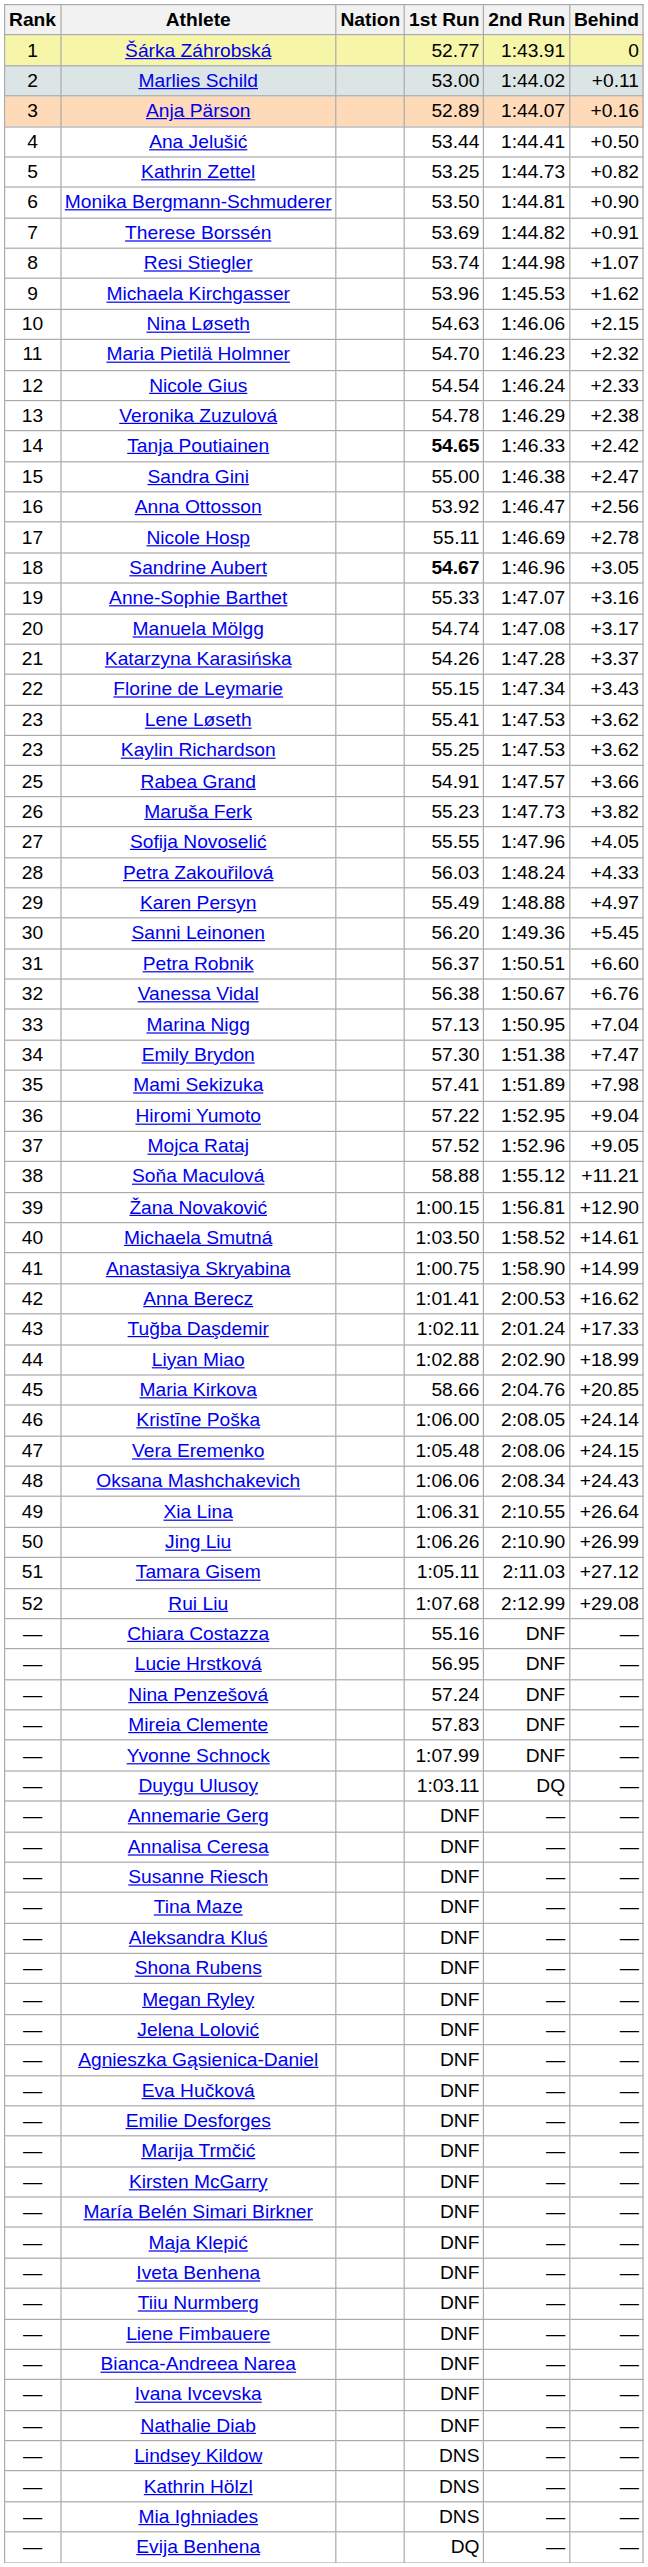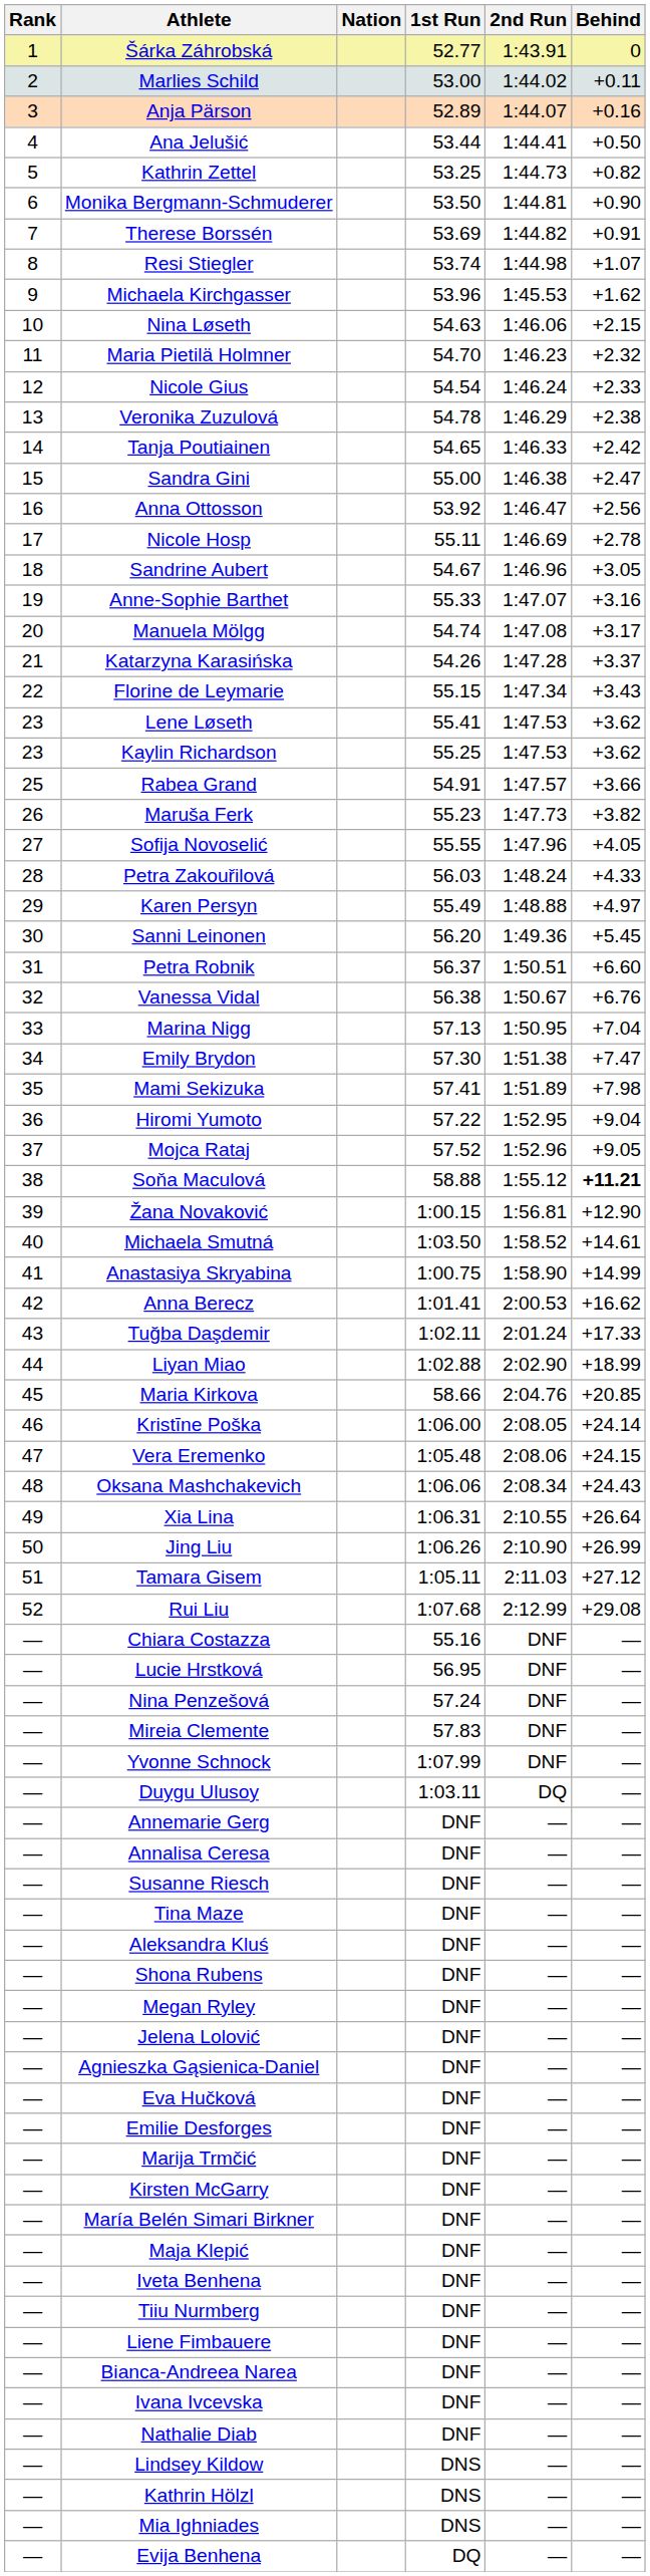 <table class=wikitable>
 <tr>
 <th>Rank</th>
 <th>Athlete</th>
 <th>Nation</th>
 <th>1st Run</th>
 <th>2nd Run</th>
 <th>Behind</th>
 </tr>
 <tr bgcolor="#F7F6A8">
 <td align="center">1</td>
 <td align="center"><a href='#'>Šárka Záhrobská</a></td>
 <td></td>
 <td align="right">52.77</td>
 <td align="right">1:43.91</td>
 <td align="right">0</td>
 </tr>
 <tr bgcolor="#DCE5E5">
 <td align="center">2</td>
 <td align="center"><a href='#'>Marlies Schild</a></td>
 <td></td>
 <td align="right">53.00</td>
 <td align="right">1:44.02</td>
 <td align="right">+0.11</td>
 </tr>
 <tr bgcolor="#FFDAB9">
 <td align="center">3</td>
 <td align="center"><a href='#'>Anja Pärson</a></td>
 <td></td>
 <td align="right">52.89</td>
 <td align="right">1:44.07</td>
 <td align="right">+0.16</td>
 </tr>
 <tr bgcolor="#FFFFFF">
 <td align="center">4</td>
 <td align="center"><a href='#'>Ana Jelušić</a></td>
 <td></td>
 <td align="right">53.44</td>
 <td align="right">1:44.41</td>
 <td align="right">+0.50</td>
 </tr>
 <tr bgcolor="#FFFFFF">
 <td align="center">5</td>
 <td align="center"><a href='#'>Kathrin Zettel</a></td>
 <td></td>
 <td align="right">53.25</td>
 <td align="right">1:44.73</td>
 <td align="right">+0.82</td>
 </tr>
 <tr bgcolor="#FFFFFF">
 <td align="center">6</td>
 <td align="center"><a href='#'>Monika Bergmann-Schmuderer</a></td>
 <td></td>
 <td align="right">53.50</td>
 <td align="right">1:44.81</td>
 <td align="right">+0.90</td>
 </tr>
 <tr bgcolor="#FFFFFF">
 <td align="center">7</td>
 <td align="center"><a href='#'>Therese Borssén</a></td>
 <td></td>
 <td align="right">53.69</td>
 <td align="right">1:44.82</td>
 <td align="right">+0.91</td>
 </tr>
 <tr bgcolor="#FFFFFF">
 <td align="center">8</td>
 <td align="center"><a href='#'>Resi Stiegler</a></td>
 <td></td>
 <td align="right">53.74</td>
 <td align="right">1:44.98</td>
 <td align="right">+1.07</td>
 </tr>
 <tr bgcolor="#FFFFFF">
 <td align="center">9</td>
 <td align="center"><a href='#'>Michaela Kirchgasser</a></td>
 <td></td>
 <td align="right">53.96</td>
 <td align="right">1:45.53</td>
 <td align="right">+1.62</td>
 </tr>
 <tr bgcolor="#FFFFFF">
 <td align="center">10</td>
 <td align="center"><a href='#'>Nina Løseth</a></td>
 <td></td>
 <td align="right">54.63</td>
 <td align="right">1:46.06</td>
 <td align="right">+2.15</td>
 </tr>
 <tr bgcolor="#FFFFFF">
 <td align="center">11</td>
 <td align="center"><a href='#'>Maria Pietilä Holmner</a></td>
 <td></td>
 <td align="right">54.70</td>
 <td align="right">1:46.23</td>
 <td align="right">+2.32</td>
 </tr>
 <tr bgcolor="#FFFFFF">
 <td align="center">12</td>
 <td align="center"><a href='#'>Nicole Gius</a></td>
 <td></td>
 <td align="right">54.54</td>
 <td align="right">1:46.24</td>
 <td align="right">+2.33</td>
 </tr>
 <tr bgcolor="#FFFFFF">
 <td align="center">13</td>
 <td align="center"><a href='#'>Veronika Zuzulová</a></td>
 <td></td>
 <td align="right">54.78</td>
 <td align="right">1:46.29</td>
 <td align="right">+2.38</td>
 </tr>
 <tr bgcolor="#FFFFFF">
 <td align="center">14</td>
 <td align="center"><a href='#'>Tanja Poutiainen</a></td>
 <td></td>
-<td align="right"><strong>54.65</strong></td>
+<td align="right">54.65</td>
 <td align="right">1:46.33</td>
 <td align="right">+2.42</td>
 </tr>
 <tr bgcolor="#FFFFFF">
 <td align="center">15</td>
 <td align="center"><a href='#'>Sandra Gini</a></td>
 <td></td>
 <td align="right">55.00</td>
 <td align="right">1:46.38</td>
 <td align="right">+2.47</td>
 </tr>
 <tr bgcolor="#FFFFFF">
 <td align="center">16</td>
 <td align="center"><a href='#'>Anna Ottosson</a></td>
 <td></td>
 <td align="right">53.92</td>
 <td align="right">1:46.47</td>
 <td align="right">+2.56</td>
 </tr>
 <tr bgcolor="#FFFFFF">
 <td align="center">17</td>
 <td align="center"><a href='#'>Nicole Hosp</a></td>
 <td></td>
 <td align="right">55.11</td>
 <td align="right">1:46.69</td>
 <td align="right">+2.78</td>
 </tr>
 <tr bgcolor="#FFFFFF">
 <td align="center">18</td>
 <td align="center"><a href='#'>Sandrine Aubert</a></td>
 <td></td>
-<td align="right"><strong>54.67</strong></td>
+<td align="right">54.67</td>
 <td align="right">1:46.96</td>
 <td align="right">+3.05</td>
 </tr>
 <tr bgcolor="#FFFFFF">
 <td align="center">19</td>
 <td align="center"><a href='#'>Anne-Sophie Barthet</a></td>
 <td></td>
 <td align="right">55.33</td>
 <td align="right">1:47.07</td>
 <td align="right">+3.16</td>
 </tr>
 <tr bgcolor="#FFFFFF">
 <td align="center">20</td>
 <td align="center"><a href='#'>Manuela Mölgg</a></td>
 <td></td>
 <td align="right">54.74</td>
 <td align="right">1:47.08</td>
 <td align="right">+3.17</td>
 </tr>
 <tr bgcolor="#FFFFFF">
 <td align="center">21</td>
 <td align="center"><a href='#'>Katarzyna Karasińska</a></td>
 <td></td>
 <td align="right">54.26</td>
 <td align="right">1:47.28</td>
 <td align="right">+3.37</td>
 </tr>
 <tr bgcolor="#FFFFFF">
 <td align="center">22</td>
 <td align="center"><a href='#'>Florine de Leymarie</a></td>
 <td></td>
 <td align="right">55.15</td>
 <td align="right">1:47.34</td>
 <td align="right">+3.43</td>
 </tr>
 <tr bgcolor="#FFFFFF">
 <td align="center">23</td>
 <td align="center"><a href='#'>Lene Løseth</a></td>
 <td></td>
 <td align="right">55.41</td>
 <td align="right">1:47.53</td>
 <td align="right">+3.62</td>
 </tr>
 <tr bgcolor="#FFFFFF">
 <td align="center">23</td>
 <td align="center"><a href='#'>Kaylin Richardson</a></td>
 <td></td>
 <td align="right">55.25</td>
 <td align="right">1:47.53</td>
 <td align="right">+3.62</td>
 </tr>
 <tr bgcolor="#FFFFFF">
 <td align="center">25</td>
 <td align="center"><a href='#'>Rabea Grand</a></td>
 <td></td>
 <td align="right">54.91</td>
 <td align="right">1:47.57</td>
 <td align="right">+3.66</td>
 </tr>
 <tr bgcolor="#FFFFFF">
 <td align="center">26</td>
 <td align="center"><a href='#'>Maruša Ferk</a></td>
 <td></td>
 <td align="right">55.23</td>
 <td align="right">1:47.73</td>
 <td align="right">+3.82</td>
 </tr>
 <tr bgcolor="#FFFFFF">
 <td align="center">27</td>
 <td align="center"><a href='#'>Sofija Novoselić</a></td>
 <td></td>
 <td align="right">55.55</td>
 <td align="right">1:47.96</td>
 <td align="right">+4.05</td>
 </tr>
 <tr bgcolor="#FFFFFF">
 <td align="center">28</td>
 <td align="center"><a href='#'>Petra Zakouřilová</a></td>
 <td></td>
 <td align="right">56.03</td>
 <td align="right">1:48.24</td>
 <td align="right">+4.33</td>
 </tr>
 <tr bgcolor="#FFFFFF">
 <td align="center">29</td>
 <td align="center"><a href='#'>Karen Persyn</a></td>
 <td></td>
 <td align="right">55.49</td>
 <td align="right">1:48.88</td>
 <td align="right">+4.97</td>
 </tr>
 <tr bgcolor="#FFFFFF">
 <td align="center">30</td>
 <td align="center"><a href='#'>Sanni Leinonen</a></td>
 <td></td>
 <td align="right">56.20</td>
 <td align="right">1:49.36</td>
 <td align="right">+5.45</td>
 </tr>
 <tr bgcolor="#FFFFFF">
 <td align="center">31</td>
 <td align="center"><a href='#'>Petra Robnik</a></td>
 <td></td>
 <td align="right">56.37</td>
 <td align="right">1:50.51</td>
 <td align="right">+6.60</td>
 </tr>
 <tr bgcolor="#FFFFFF">
 <td align="center">32</td>
 <td align="center"><a href='#'>Vanessa Vidal</a></td>
 <td></td>
 <td align="right">56.38</td>
 <td align="right">1:50.67</td>
 <td align="right">+6.76</td>
 </tr>
 <tr bgcolor="#FFFFFF">
 <td align="center">33</td>
 <td align="center"><a href='#'>Marina Nigg</a></td>
 <td></td>
 <td align="right">57.13</td>
 <td align="right">1:50.95</td>
 <td align="right">+7.04</td>
 </tr>
 <tr bgcolor="#FFFFFF">
 <td align="center">34</td>
 <td align="center"><a href='#'>Emily Brydon</a></td>
 <td></td>
 <td align="right">57.30</td>
 <td align="right">1:51.38</td>
 <td align="right">+7.47</td>
 </tr>
 <tr bgcolor="#FFFFFF">
 <td align="center">35</td>
 <td align="center"><a href='#'>Mami Sekizuka</a></td>
 <td></td>
 <td align="right">57.41</td>
 <td align="right">1:51.89</td>
 <td align="right">+7.98</td>
 </tr>
 <tr bgcolor="#FFFFFF">
 <td align="center">36</td>
 <td align="center"><a href='#'>Hiromi Yumoto</a></td>
 <td></td>
 <td align="right">57.22</td>
 <td align="right">1:52.95</td>
 <td align="right">+9.04</td>
 </tr>
 <tr bgcolor="#FFFFFF">
 <td align="center">37</td>
 <td align="center"><a href='#'>Mojca Rataj</a></td>
 <td></td>
 <td align="right">57.52</td>
 <td align="right">1:52.96</td>
 <td align="right">+9.05</td>
 </tr>
 <tr bgcolor="#FFFFFF">
 <td align="center">38</td>
 <td align="center"><a href='#'>Soňa Maculová</a></td>
 <td></td>
 <td align="right">58.88</td>
 <td align="right">1:55.12</td>
-<td align="right">+11.21</td>
+<td align="right"><strong>+11.21</strong></td>
 </tr>
 <tr bgcolor="#FFFFFF">
 <td align="center">39</td>
 <td align="center"><a href='#'>Žana Novaković</a></td>
 <td></td>
 <td align="right">1:00.15</td>
 <td align="right">1:56.81</td>
 <td align="right">+12.90</td>
 </tr>
 <tr bgcolor="#FFFFFF">
 <td align="center">40</td>
 <td align="center"><a href='#'>Michaela Smutná</a></td>
 <td></td>
 <td align="right">1:03.50</td>
 <td align="right">1:58.52</td>
 <td align="right">+14.61</td>
 </tr>
 <tr bgcolor="#FFFFFF">
 <td align="center">41</td>
 <td align="center"><a href='#'>Anastasiya Skryabina</a></td>
 <td></td>
 <td align="right">1:00.75</td>
 <td align="right">1:58.90</td>
 <td align="right">+14.99</td>
 </tr>
 <tr bgcolor="#FFFFFF">
 <td align="center">42</td>
 <td align="center"><a href='#'>Anna Berecz</a></td>
 <td></td>
 <td align="right">1:01.41</td>
 <td align="right">2:00.53</td>
 <td align="right">+16.62</td>
 </tr>
 <tr bgcolor="#FFFFFF">
 <td align="center">43</td>
 <td align="center"><a href='#'>Tuğba Daşdemir</a></td>
 <td></td>
 <td align="right">1:02.11</td>
 <td align="right">2:01.24</td>
 <td align="right">+17.33</td>
 </tr>
 <tr bgcolor="#FFFFFF">
 <td align="center">44</td>
 <td align="center"><a href='#'>Liyan Miao</a></td>
 <td></td>
 <td align="right">1:02.88</td>
 <td align="right">2:02.90</td>
 <td align="right">+18.99</td>
 </tr>
 <tr bgcolor="#FFFFFF">
 <td align="center">45</td>
 <td align="center"><a href='#'>Maria Kirkova</a></td>
 <td></td>
 <td align="right">58.66</td>
 <td align="right">2:04.76</td>
 <td align="right">+20.85</td>
 </tr>
 <tr bgcolor="#FFFFFF">
 <td align="center">46</td>
 <td align="center"><a href='#'>Kristīne Poška</a></td>
 <td></td>
 <td align="right">1:06.00</td>
 <td align="right">2:08.05</td>
 <td align="right">+24.14</td>
 </tr>
 <tr bgcolor="#FFFFFF">
 <td align="center">47</td>
 <td align="center"><a href='#'>Vera Eremenko</a></td>
 <td></td>
 <td align="right">1:05.48</td>
 <td align="right">2:08.06</td>
 <td align="right">+24.15</td>
 </tr>
 <tr bgcolor="#FFFFFF">
 <td align="center">48</td>
 <td align="center"><a href='#'>Oksana Mashchakevich</a></td>
 <td></td>
 <td align="right">1:06.06</td>
 <td align="right">2:08.34</td>
 <td align="right">+24.43</td>
 </tr>
 <tr bgcolor="#FFFFFF">
 <td align="center">49</td>
 <td align="center"><a href='#'>Xia Lina</a></td>
 <td></td>
 <td align="right">1:06.31</td>
 <td align="right">2:10.55</td>
 <td align="right">+26.64</td>
 </tr>
 <tr bgcolor="#FFFFFF">
 <td align="center">50</td>
 <td align="center"><a href='#'>Jing Liu</a></td>
 <td></td>
 <td align="right">1:06.26</td>
 <td align="right">2:10.90</td>
 <td align="right">+26.99</td>
 </tr>
 <tr bgcolor="#FFFFFF">
 <td align="center">51</td>
 <td align="center"><a href='#'>Tamara Gisem</a></td>
 <td></td>
 <td align="right">1:05.11</td>
 <td align="right">2:11.03</td>
 <td align="right">+27.12</td>
 </tr>
 <tr bgcolor="#FFFFFF">
 <td align="center">52</td>
 <td align="center"><a href='#'>Rui Liu</a></td>
 <td></td>
 <td align="right">1:07.68</td>
 <td align="right">2:12.99</td>
 <td align="right">+29.08</td>
 </tr>
 <tr bgcolor="#FFFFFF">
 <td align="center">—</td>
 <td align="center"><a href='#'>Chiara Costazza</a></td>
 <td></td>
 <td align="right">55.16</td>
 <td align="right">DNF</td>
 <td align="right">—</td>
 </tr>
 <tr bgcolor="#FFFFFF">
 <td align="center">—</td>
 <td align="center"><a href='#'>Lucie Hrstková</a></td>
 <td></td>
 <td align="right">56.95</td>
 <td align="right">DNF</td>
 <td align="right">—</td>
 </tr>
 <tr bgcolor="#FFFFFF">
 <td align="center">—</td>
 <td align="center"><a href='#'>Nina Penzešová</a></td>
 <td></td>
 <td align="right">57.24</td>
 <td align="right">DNF</td>
 <td align="right">—</td>
 </tr>
 <tr bgcolor="#FFFFFF">
 <td align="center">—</td>
 <td align="center"><a href='#'>Mireia Clemente</a></td>
 <td></td>
 <td align="right">57.83</td>
 <td align="right">DNF</td>
 <td align="right">—</td>
 </tr>
 <tr bgcolor="#FFFFFF">
 <td align="center">—</td>
 <td align="center"><a href='#'>Yvonne Schnock</a></td>
 <td></td>
 <td align="right">1:07.99</td>
 <td align="right">DNF</td>
 <td align="right">—</td>
 </tr>
 <tr bgcolor="#FFFFFF">
 <td align="center">—</td>
 <td align="center"><a href='#'>Duygu Ulusoy</a></td>
 <td></td>
 <td align="right">1:03.11</td>
 <td align="right">DQ</td>
 <td align="right">—</td>
 </tr>
 <tr bgcolor="#FFFFFF">
 <td align="center">—</td>
 <td align="center"><a href='#'>Annemarie Gerg</a></td>
 <td></td>
 <td align="right">DNF</td>
 <td align="right">—</td>
 <td align="right">—</td>
 </tr>
 <tr bgcolor="#FFFFFF">
 <td align="center">—</td>
 <td align="center"><a href='#'>Annalisa Ceresa</a></td>
 <td></td>
 <td align="right">DNF</td>
 <td align="right">—</td>
 <td align="right">—</td>
 </tr>
 <tr bgcolor="#FFFFFF">
 <td align="center">—</td>
 <td align="center"><a href='#'>Susanne Riesch</a></td>
 <td></td>
 <td align="right">DNF</td>
 <td align="right">—</td>
 <td align="right">—</td>
 </tr>
 <tr bgcolor="#FFFFFF">
 <td align="center">—</td>
 <td align="center"><a href='#'>Tina Maze</a></td>
 <td></td>
 <td align="right">DNF</td>
 <td align="right">—</td>
 <td align="right">—</td>
 </tr>
 <tr bgcolor="#FFFFFF">
 <td align="center">—</td>
 <td align="center"><a href='#'>Aleksandra Kluś</a></td>
 <td></td>
 <td align="right">DNF</td>
 <td align="right">—</td>
 <td align="right">—</td>
 </tr>
 <tr bgcolor="#FFFFFF">
 <td align="center">—</td>
 <td align="center"><a href='#'>Shona Rubens</a></td>
 <td></td>
 <td align="right">DNF</td>
 <td align="right">—</td>
 <td align="right">—</td>
 </tr>
 <tr bgcolor="#FFFFFF">
 <td align="center">—</td>
 <td align="center"><a href='#'>Megan Ryley</a></td>
 <td></td>
 <td align="right">DNF</td>
 <td align="right">—</td>
 <td align="right">—</td>
 </tr>
 <tr bgcolor="#FFFFFF">
 <td align="center">—</td>
 <td align="center"><a href='#'>Jelena Lolović</a></td>
 <td></td>
 <td align="right">DNF</td>
 <td align="right">—</td>
 <td align="right">—</td>
 </tr>
 <tr bgcolor="#FFFFFF">
 <td align="center">—</td>
 <td align="center"><a href='#'>Agnieszka Gąsienica-Daniel</a></td>
 <td></td>
 <td align="right">DNF</td>
 <td align="right">—</td>
 <td align="right">—</td>
 </tr>
 <tr bgcolor="#FFFFFF">
 <td align="center">—</td>
 <td align="center"><a href='#'>Eva Hučková</a></td>
 <td></td>
 <td align="right">DNF</td>
 <td align="right">—</td>
 <td align="right">—</td>
 </tr>
 <tr bgcolor="#FFFFFF">
 <td align="center">—</td>
 <td align="center"><a href='#'>Emilie Desforges</a></td>
 <td></td>
 <td align="right">DNF</td>
 <td align="right">—</td>
 <td align="right">—</td>
 </tr>
 <tr bgcolor="#FFFFFF">
 <td align="center">—</td>
 <td align="center"><a href='#'>Marija Trmčić</a></td>
 <td></td>
 <td align="right">DNF</td>
 <td align="right">—</td>
 <td align="right">—</td>
 </tr>
 <tr bgcolor="#FFFFFF">
 <td align="center">—</td>
 <td align="center"><a href='#'>Kirsten McGarry</a></td>
 <td></td>
 <td align="right">DNF</td>
 <td align="right">—</td>
 <td align="right">—</td>
 </tr>
 <tr bgcolor="#FFFFFF">
 <td align="center">—</td>
 <td align="center"><a href='#'>María Belén Simari Birkner</a></td>
 <td></td>
 <td align="right">DNF</td>
 <td align="right">—</td>
 <td align="right">—</td>
 </tr>
 <tr bgcolor="#FFFFFF">
 <td align="center">—</td>
 <td align="center"><a href='#'>Maja Klepić</a></td>
 <td></td>
 <td align="right">DNF</td>
 <td align="right">—</td>
 <td align="right">—</td>
 </tr>
 <tr bgcolor="#FFFFFF">
 <td align="center">—</td>
 <td align="center"><a href='#'>Iveta Benhena</a></td>
 <td></td>
 <td align="right">DNF</td>
 <td align="right">—</td>
 <td align="right">—</td>
 </tr>
 <tr bgcolor="#FFFFFF">
 <td align="center">—</td>
 <td align="center"><a href='#'>Tiiu Nurmberg</a></td>
 <td></td>
 <td align="right">DNF</td>
 <td align="right">—</td>
 <td align="right">—</td>
 </tr>
 <tr bgcolor="#FFFFFF">
 <td align="center">—</td>
 <td align="center"><a href='#'>Liene Fimbauere</a></td>
 <td></td>
 <td align="right">DNF</td>
 <td align="right">—</td>
 <td align="right">—</td>
 </tr>
 <tr bgcolor="#FFFFFF">
 <td align="center">—</td>
 <td align="center"><a href='#'>Bianca-Andreea Narea</a></td>
 <td></td>
 <td align="right">DNF</td>
 <td align="right">—</td>
 <td align="right">—</td>
 </tr>
 <tr bgcolor="#FFFFFF">
 <td align="center">—</td>
 <td align="center"><a href='#'>Ivana Ivcevska</a></td>
 <td></td>
 <td align="right">DNF</td>
 <td align="right">—</td>
 <td align="right">—</td>
 </tr>
 <tr bgcolor="#FFFFFF">
 <td align="center">—</td>
 <td align="center"><a href='#'>Nathalie Diab</a></td>
 <td></td>
 <td align="right">DNF</td>
 <td align="right">—</td>
 <td align="right">—</td>
 </tr>
 <tr bgcolor="#FFFFFF">
 <td align="center">—</td>
 <td align="center"><a href='#'>Lindsey Kildow</a></td>
 <td></td>
 <td align="right">DNS</td>
 <td align="right">—</td>
 <td align="right">—</td>
 </tr>
 <tr bgcolor="#FFFFFF">
 <td align="center">—</td>
 <td align="center"><a href='#'>Kathrin Hölzl</a></td>
 <td></td>
 <td align="right">DNS</td>
 <td align="right">—</td>
 <td align="right">—</td>
 </tr>
 <tr bgcolor="#FFFFFF">
 <td align="center">—</td>
 <td align="center"><a href='#'>Mia Ighniades</a></td>
 <td></td>
 <td align="right">DNS</td>
 <td align="right">—</td>
 <td align="right">—</td>
 </tr>
 <tr bgcolor="#FFFFFF">
 <td align="center">—</td>
 <td align="center"><a href='#'>Evija Benhena</a></td>
 <td></td>
 <td align="right">DQ</td>
 <td align="right">—</td>
 <td align="right">—</td>
 </tr>
 </table>
